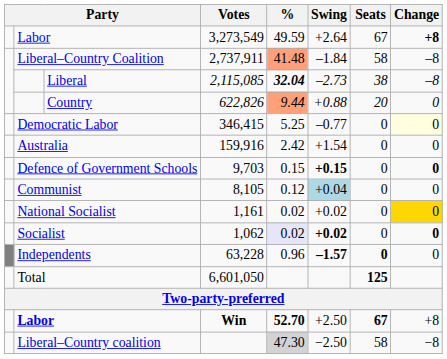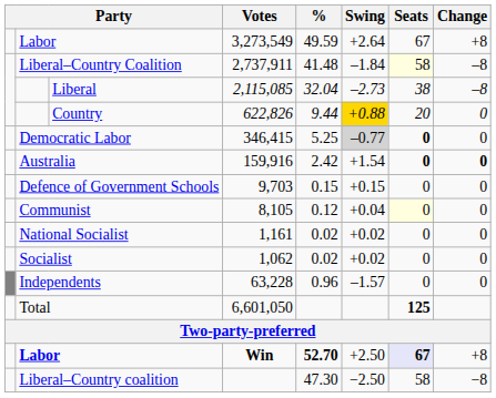 <table class="wikitable">
 <tr>
 <th colspan=3 style="width:180px">Party</th>
 <th style="width:70px;">Votes</th>
 <th style="width:40px;">%</th>
 <th style="width:40px;">Swing</th>
 <th style="width:40px;">Seats</th>
 <th style="width:40px;">Change</th>
 </tr>
 <tr>
 <td> </td>
 <td colspan=2><a href='#'>Labor</a></td>
 <td align=right>3,273,549</td>
 <td align=right>49.59</td>
 <td align=right>+2.64</td>
 <td align=right>67</td>
-<td align=right><strong>+8</strong></td>
+<td align=right>+8</td>
 </tr>
 <tr>
 <td rowspan=3> </td>
 <td colspan=2><a href='#'>Liberal–Country Coalition</a></td>
 <td align=right>2,737,911</td>
-<td align=right style="background: lightsalmon;">41.48</td>
+<td align=right>41.48</td>
 <td align=right>–1.84</td>
-<td align=right>58</td>
+<td align=right style="background: lightyellow;">58</td>
 <td align=right>–8</td>
 </tr>
 <tr>
 <td> </td>
 <td><a href='#'>Liberal</a></td>
 <td align=right><em>2,115,085</em></td>
-<td align=right><strong><em>32.04</em></strong></td>
+<td align=right><em>32.04</em></td>
 <td align=right><em>–2.73</em></td>
 <td align=right><em>38</em></td>
 <td align=right><em>–8</em></td>
 </tr>
 <tr>
 <td> </td>
 <td><a href='#'>Country</a></td>
 <td align=right><em>622,826</em></td>
-<td align=right style="background: lightsalmon;"><em>9.44</em></td>
-<td align=right><em>+0.88</em></td>
+<td align=right><em>9.44</em></td>
+<td align=right style="background: gold;"><em>+0.88</em></td>
 <td align=right><em>20</em></td>
 <td align=right><em>0</em></td>
 </tr>
 <tr>
 <td> </td>
 <td colspan=2><a href='#'>Democratic Labor</a></td>
 <td align=right>346,415</td>
 <td align=right>5.25</td>
-<td align=right>–0.77</td>
+<td align=right style="background: lightgrey;">–0.77</td>
+<td align=right><strong>0</strong></td>
 <td align=right>0</td>
-<td align=right style="background: lightyellow;">0</td>
 </tr>
 <tr>
 <td> </td>
 <td colspan=2><a href='#'>Australia</a></td>
 <td align=right>159,916</td>
 <td align=right>2.42</td>
 <td align=right>+1.54</td>
-<td align=right>0</td>
-<td align=right>0</td>
+<td align=right><strong>0</strong></td>
+<td align=right><strong>0</strong></td>
 </tr>
 <tr>
 <td> </td>
 <td colspan=2><a href='#'>Defence of Government Schools</a></td>
 <td align=right>9,703</td>
 <td align=right>0.15</td>
-<td align=right><strong>+0.15</strong></td>
+<td align=right>+0.15</td>
 <td align=right>0</td>
-<td align=right><strong>0</strong></td>
+<td align=right>0</td>
 </tr>
 <tr>
 <td> </td>
 <td colspan=2><a href='#'>Communist</a></td>
 <td align=right>8,105</td>
 <td align=right>0.12</td>
-<td align=right style="background: lightblue;">+0.04</td>
-<td align=right>0</td>
+<td align=right>+0.04</td>
+<td align=right style="background: lightyellow;">0</td>
 <td align=right>0</td>
 </tr>
 <tr>
 <td> </td>
 <td colspan=2><a href='#'>National Socialist</a></td>
 <td align=right>1,161</td>
 <td align=right>0.02</td>
 <td align=right>+0.02</td>
 <td align=right>0</td>
-<td align=right style="background: gold;">0</td>
+<td align=right>0</td>
 </tr>
 <tr>
 <td> </td>
 <td colspan=2><a href='#'>Socialist</a></td>
 <td align=right>1,062</td>
-<td align=right style="background: lavender;">0.02</td>
-<td align=right><strong>+0.02</strong></td>
+<td align=right>0.02</td>
+<td align=right>+0.02</td>
 <td align=right>0</td>
-<td align=right><strong>0</strong></td>
+<td align=right>0</td>
 </tr>
 <tr>
 <td style="background:gray;"> </td>
 <td colspan=2><a href='#'>Independents</a></td>
 <td align=right>63,228</td>
 <td align=right>0.96</td>
-<td align=right><strong>–1.57</strong></td>
-<td align=right><strong>0</strong></td>
+<td align=right>–1.57</td>
+<td align=right>0</td>
 <td align=right>0</td>
 </tr>
 <tr>
 <td> </td>
 <td colspan=2>Total</td>
 <td align=right>6,601,050</td>
 <td align=right> </td>
 <td align=right> </td>
 <td align=right><strong>125</strong></td>
 <td align=right></td>
 </tr>
 <tr>
 <th colspan=8 align=center><a href='#'>Two-party-preferred</a> </th>
 </tr>
 <tr>
 <td> </td>
 <td colspan=2><strong><a href='#'>Labor</a></strong></td>
 <td align=center><strong>Win</strong></td>
 <td align=right><strong>52.70</strong></td>
 <td align=right>+2.50</td>
-<td align=right><strong>67</strong></td>
+<td align=right style="background: lavender;"><strong>67</strong></td>
 <td align=right>+8</td>
 </tr>
 <tr>
 <td> </td>
 <td colspan=2><a href='#'>Liberal–Country coalition</a></td>
 <td align=right> </td>
-<td align=right style="background: lightgrey;">47.30</td>
+<td align=right>47.30</td>
 <td align=right>−2.50</td>
 <td align=right>58</td>
 <td align=right>−8</td>
 </tr>
 </table>
